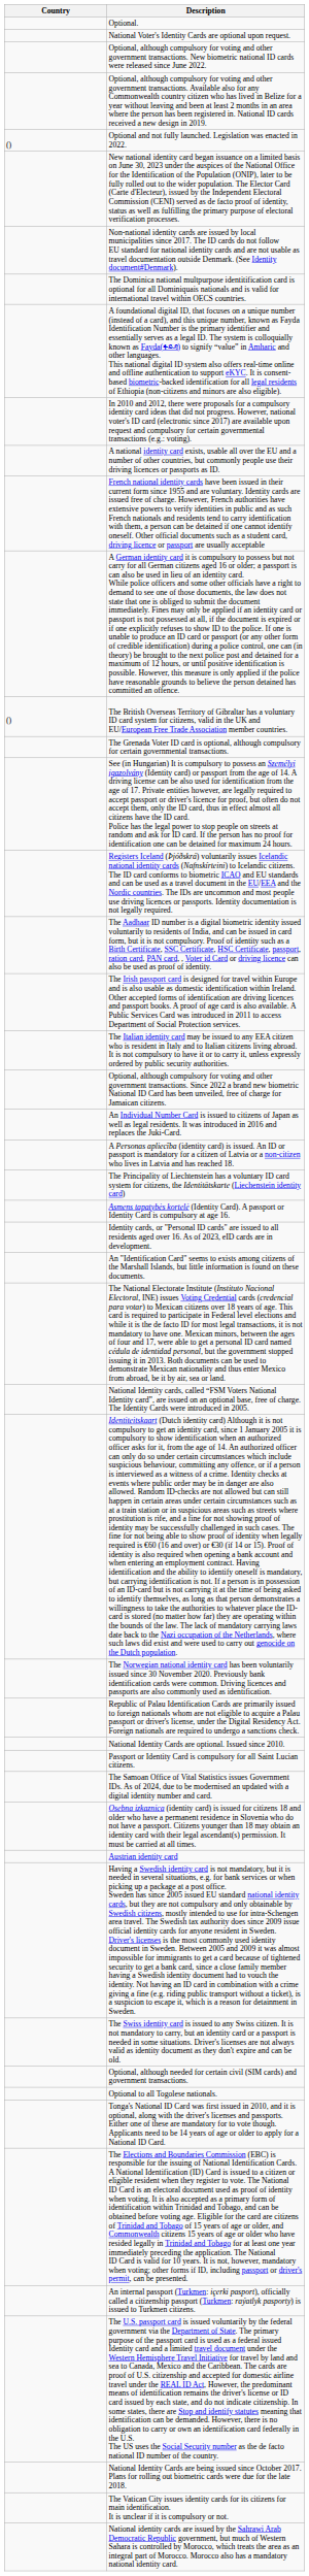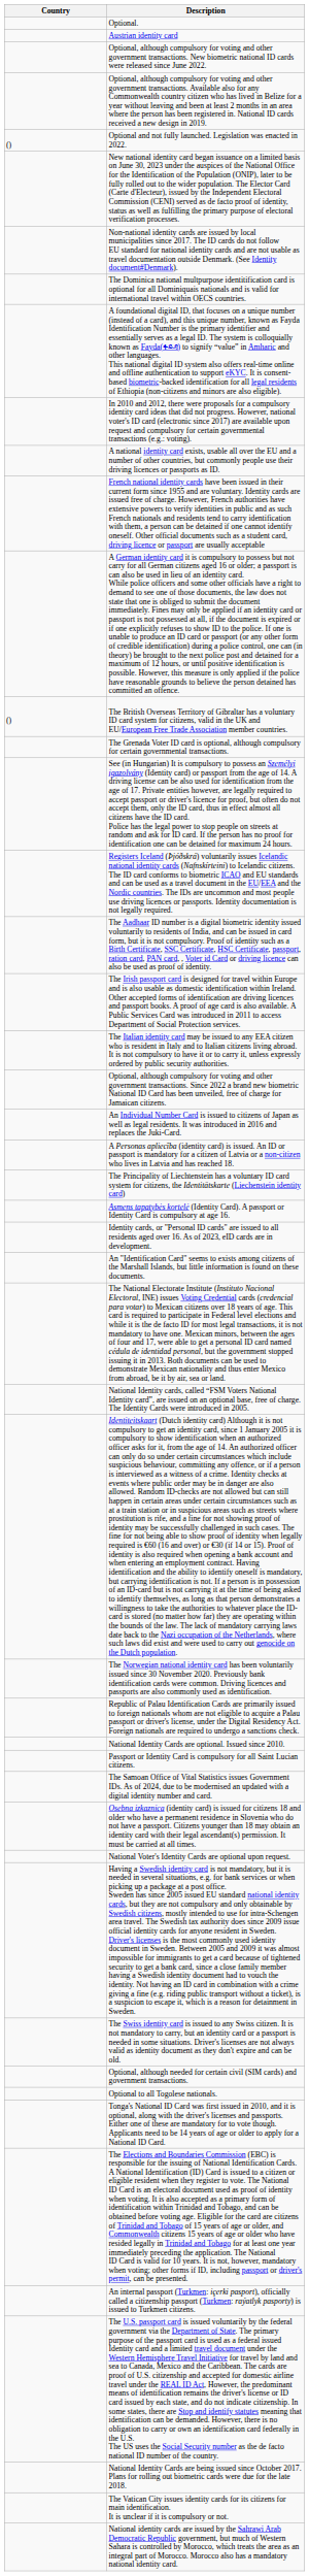 <table class="sortable wikitable">
 <tr>
 <th width=200>Country</th>
 <th class=unsortable>Description</th>
 </tr>
 <tr>
 <td></td>
 <td>Optional.</td>
 </tr>
 <tr>
 <td></td>
-<td>National Voter's Identity Cards are optional upon request.</td>
+<td><a href='#'>Austrian identity card</a></td>
 </tr>
 <tr>
 <td></td>
 <td>Optional, although compulsory for voting and other government transactions. New biometric national ID cards were released since June 2022.</td>
 </tr>
 <tr>
 <td></td>
 <td>Optional, although compulsory for voting and other government transactions. Available also for any Commonwealth country citizen who has lived in Belize for a year without leaving and been at least 2 months in an area where the person has been registered in. National ID cards received a new design in 2019.</td>
 </tr>
 <tr>
 <td><br>()</td>
 <td>Optional and not fully launched. Legislation was enacted in 2022.</td>
 </tr>
 <tr>
 <td></td>
 <td>New national identity card began issuance on a limited basis on June 30, 2023 under the auspices of the National Office for the Identification of the Population (ONIP), later to be fully rolled out to the wider population.  The Elector Card (Carte d'Electeur), issued by the Independent Electoral Commission (CENI) served as de facto proof of identity, status as well as fulfilling the primary purpose of electoral verification processes.</td>
 </tr>
 <tr>
 <td></td>
 <td>Non-national identity cards are issued by local municipalities since 2017. The ID cards do not follow EU standard for national identity cards and are not usable as travel documentation outside Denmark. (See <a href='#'>Identity document#Denmark</a>).</td>
 </tr>
 <tr>
 <td></td>
 <td>The Dominica national multpurpose identitification card is optional for all Dominiquais nationals and is valid for international travel within OECS countries.</td>
 </tr>
 <tr>
 <td></td>
 <td>A foundational digital ID, that focuses on a unique number (instead of a card), and this unique number, known as Fayda Identification Number is the primary identifier and essentially serves as a legal ID. The system is colloquially known as <a href='#'>Fayda(ፋይዳ)</a> to signify “value” in <a href='#'>Amharic</a> and other languages.<br>This national digital ID system also offers real-time online and offline authentication to support <a href='#'>eKYC</a>. It is consent-based <a href='#'>biometric</a>-backed identification for all <a href='#'>legal residents</a> of Ethiopia (non-citizens and minors are also eligible).</td>
 </tr>
 <tr>
 <td></td>
 <td>In 2010 and 2012, there were proposals for a compulsory identity card ideas that did not progress. However, national voter's ID card (electronic since 2017) are available upon request and compulsory for certain governmental transactions (e.g.: voting).</td>
 </tr>
 <tr>
 <td></td>
 <td>A national <a href='#'>identity card</a> exists, usable all over the EU and a number of other countries, but commonly people use their driving licences or passports as ID.</td>
 </tr>
 <tr>
 <td></td>
 <td><a href='#'>French national identity cards</a> have been issued in their current form since 1955 and are voluntary. Identity cards are issued free of charge. However, French authorities have extensive powers to verify identities in public and as such French nationals and residents tend to carry identification with them, a person can be detained if one cannot identify oneself. Other official documents such as a student card, <a href='#'>driving licence</a> or <a href='#'>passport</a> are usually acceptable</td>
 </tr>
 <tr>
 <td></td>
 <td>A <a href='#'>German identity card</a> it is compulsory to possess but not carry for all German citizens aged 16 or older; a passport is can also be used in lieu of an identity card.<br>While police officers and some other officials have a right to demand to see one of those documents, the law does not state that one is obliged to submit the document immediately. Fines may only be applied if an identity card or passport is not possessed at all, if the document is expired or if one explicitly refuses to show ID to the police. If one is unable to produce an ID card or passport (or any other form of credible identification) during a police control, one can (in theory) be brought to the next police post and detained for a maximum of 12 hours, or until positive identification is possible. However, this measure is only applied if the police have reasonable grounds to believe the person detained has committed an offence.</td>
 </tr>
 <tr>
 <td><br>()</td>
 <td><br>The British Overseas Territory of Gibraltar has a voluntary ID card system for citizens, valid in the UK and EU/<a href='#'>European Free Trade Association</a> member countries.</td>
 </tr>
 <tr>
 <td></td>
 <td>The Grenada Voter ID card is optional, although compulsory for certain governmental transactions.</td>
 </tr>
 <tr>
 <td></td>
 <td>See (in Hungarian) It is compulsory to possess an <a href='#'><em>Személyi igazolvány</em></a> (Identity card) or passport from the age of 14. A driving license can be also used for identification from the age of 17. Private entities however, are legally required to accept passport or driver's licence for proof, but often do not accept them, only the ID card, thus in effect almost all citizens have the ID card.<br>Police has the legal power to stop people on streets at random and ask for ID card. If the person has no proof for identification one can be detained for maximum 24 hours.</td>
 </tr>
 <tr>
 <td></td>
 <td><a href='#'>Registers Iceland</a> (<em>Þjóðskrá</em>) voluntarily issues <a href='#'>Icelandic national identity cards</a> (<em>Nafnskírteini</em>) to Icelandic citizens. The ID card conforms to biometric <a href='#'>ICAO</a> and EU standards and can be used as a travel document in the <a href='#'>EU</a>/<a href='#'>EEA</a> and the <a href='#'>Nordic countries</a>. The IDs are uncommon and most people use driving licences or passports. Identity documentation is not legally required.</td>
 </tr>
 <tr>
 <td></td>
 <td>The <a href='#'>Aadhaar</a>  ID  number is a digital biometric identity issued voluntarily to residents of India, and can be issued in card form, but it is not compulsory. Proof of identity such as a <a href='#'>Birth Certificate</a>, <a href='#'>SSC Certificate</a>, <a href='#'>HSC Certificate</a>, <a href='#'>passport</a>, <a href='#'>ration card</a>, <a href='#'>PAN card</a>, , <a href='#'>Voter id Card</a> or <a href='#'>driving licence</a> can also be used as proof of identity.</td>
 </tr>
 <tr>
 <td></td>
 <td>The <a href='#'>Irish passport card</a> is designed for travel within Europe and is also usable as domestic identification within Ireland. Other accepted forms of identification are driving licences and passport books. A proof of age card is also available. A Public Services Card was introduced in 2011 to access Department of Social Protection services.</td>
 </tr>
 <tr>
 <td></td>
 <td>The <a href='#'>Italian identity card</a> may be issued to any EEA citizen who is resident in Italy and to Italian citizens living abroad. It is not compulsory to have it or to carry it, unless expressly ordered by public security authorities.</td>
 </tr>
 <tr>
 <td></td>
 <td>Optional, although compulsory for voting and other government transactions. Since 2022 a brand new biometric National ID Card has been unveiled, free of charge for Jamaican citizens.</td>
 </tr>
 <tr>
 <td></td>
 <td>An <a href='#'>Individual Number Card</a> is issued to citizens of Japan as well as legal residents. It was introduced in 2016 and replaces the Juki-Card.</td>
 </tr>
 <tr>
 <td></td>
 <td>A <em>Personas apliecība</em> (identity card) is issued. An ID or passport is mandatory for a citizen of Latvia or a <a href='#'>non-citizen</a> who lives in Latvia and has reached 18.</td>
 </tr>
 <tr>
 <td></td>
 <td>The Principality of Liechtenstein has a voluntary ID card system for citizens, the <em>Identitätskarte</em> (<a href='#'>Liechenstein identity card</a>)</td>
 </tr>
 <tr>
 <td></td>
 <td><a href='#'><em>Asmens tapatybės kortelė</em></a> (Identity Card). A passport or Identity Card is compulsory at age 16.</td>
 </tr>
 <tr>
 <td></td>
 <td>Identity cards, or "Personal ID cards" are issued to all residents aged over 16. As of 2023, eID cards are in development.</td>
 </tr>
 <tr>
 <td></td>
 <td>An "Identification Card" seems to exists among citizens of the Marshall Islands, but little information is found on these documents.</td>
 </tr>
 <tr>
 <td></td>
 <td>The National Electorate Institute (<em>Instituto Nacional Electoral</em>, INE) issues <a href='#'>Voting Credential</a> cards (<em>credencial para votar</em>) to Mexican citizens over 18 years of age. This card is required to participate in Federal level elections and while it is the de facto ID for most legal transactions, it is not mandatory to have one. Mexican minors, between the ages of four and 17, were able to get a personal ID card named <em>cédula de identidad personal</em>, but the government stopped issuing it in 2013. Both documents can be used to demonstrate Mexican nationality and thus enter Mexico from abroad, be it by air, sea or land.</td>
 </tr>
 <tr>
 <td></td>
 <td>National Identity cards, called “FSM Voters National Identity card”, are issued on an optional base, free of charge. The Identity Cards were introduced in 2005.</td>
 </tr>
 <tr>
 <td></td>
 <td><em><a href='#'>Identiteitskaart</a></em> (Dutch identity card) Although it is not compulsory to get an identity card, since 1 January 2005 it is compulsory to show identification when an authorized officer asks for it, from the age of 14. An authorized officer can only do so under certain circumstances which include suspicious behaviour, committing any offence, or if a person is interviewed as a witness of a crime. Identity checks at events where public order may be in danger are also allowed. Random ID-checks are not allowed but can still happen in certain areas under certain circumstances such as at a train station or in suspicious areas such as streets where prostitution is rife, and a fine for not showing proof of identity may be successfully challenged in such cases. The fine for not being able to show proof of identity when legally required is €60 (16 and over) or €30 (if 14 or 15). Proof of identity is also required when opening a bank account and when entering an employment contract. Having identification and the ability to identify oneself is mandatory, but carrying identification is not. If a person is in possession of an ID-card but is not carrying it at the time of being asked to identify themselves, as long as that person demonstrates a willingness to take the authorities to whatever place the ID-card is stored (no matter how far) they are operating within the bounds of the law. The lack of mandatory carrying laws date back to the <a href='#'>Nazi occupation of the Netherlands</a>, where such laws did exist and were used to carry out <a href='#'>genocide on the Dutch population</a>.</td>
 </tr>
 <tr>
 <td></td>
 <td>The <a href='#'>Norwegian national identity card</a> has been voluntarily issued since 30 November 2020. Previously bank identification cards were common. Driving licences and passports are also commonly used as identification.</td>
 </tr>
 <tr>
 <td></td>
 <td>Republic of Palau Identification Cards are primarily issued to foreign nationals whom are not eligible to acquire a Palau passport or driver's license, under the Digital Residency Act. Foreign nationals are required to undergo a sanctions check.</td>
 </tr>
 <tr>
 <td></td>
 <td>National Identity Cards are optional. Issued since 2010.</td>
 </tr>
 <tr>
 <td></td>
 <td>Passport or Identity Card is compulsory for all Saint Lucian citizens.</td>
 </tr>
 <tr>
 <td></td>
 <td>The Samoan Office of Vital Statistics issues Government IDs. As of 2024, due to be modernised an updated with a digital identity number and card.</td>
 </tr>
 <tr>
 <td></td>
 <td><a href='#'><em>Osebna izkaznica</em></a> (identity card) is issued for citizens 18 and older who have a permanent residence in Slovenia who do not have a passport. Citizens younger than 18 may obtain an identity card with their legal ascendant(s) permission. It must be carried at all times.</td>
 </tr>
 <tr>
 <td></td>
-<td><a href='#'>Austrian identity card</a></td>
+<td>National Voter's Identity Cards are optional upon request.</td>
 </tr>
 <tr>
 <td></td>
 <td>Having a <a href='#'>Swedish identity card</a> is not mandatory, but it is needed in several situations, e.g. for bank services or when picking up a package at a post office.<br>Sweden has since 2005 issued EU standard <a href='#'>national identity cards</a>, but they are not compulsory and only obtainable by <a href='#'>Swedish citizens</a>, mostly intended to use for intra-Schengen area travel. The Swedish tax authority does since 2009 issue official identity cards for anyone resident in Sweden. <a href='#'>Driver's licenses</a> is the most commonly used identity document in Sweden. Between 2005 and 2009 it was almost impossible for immigrants to get a card because of tightened security to get a bank card, since a close family member having a Swedish identity document had to vouch the identity. Not having an ID card in combination with a crime giving a fine (e.g. riding public transport without a ticket), is a suspicion to escape it, which is a reason for detainment in Sweden.</td>
 </tr>
 <tr>
 <td></td>
 <td>The <a href='#'>Swiss identity card</a> is issued to any Swiss citizen. It is not mandatory to carry, but an identity card or a passport is needed in some situations. Driver's licenses are not always valid as identity document as they don't expire and can be old.</td>
 </tr>
 <tr>
 <td></td>
 <td>Optional, although needed for certain civil (SIM cards) and government transactions.</td>
 </tr>
 <tr>
 <td></td>
 <td>Optional to all Togolese nationals.</td>
 </tr>
 <tr>
 <td></td>
 <td>Tonga's National ID Card was first issued in 2010, and it is optional, along with the driver's licenses and passports. Either one of these are mandatory for to vote though. Applicants need to be 14 years of age or older to apply for a National ID Card.</td>
 </tr>
 <tr>
 <td></td>
 <td>The <a href='#'>Elections and Boundaries Commission</a> (EBC) is responsible for the issuing of National Identification Cards. A National Identification (ID) Card is issued to a citizen or eligible resident when they register to vote. The National ID Card is an electoral document used as proof of identity when voting. It is also accepted as a primary form of identification within Trinidad and Tobago, and can be obtained before voting age. Eligible for the card are citizens of <a href='#'>Trinidad and Tobago</a> of 15 years of age or older, and <a href='#'>Commonwealth</a> citizens 15 years of age or older who have resided legally in <a href='#'>Trinidad and Tobago</a> for at least one year immediately preceding the application. The National ID Card is valid for 10 years. It is not, however, mandatory when voting; other forms if ID, including <a href='#'>passport</a> or <a href='#'>driver's permit</a>, can be presented.</td>
 </tr>
 <tr>
 <td></td>
 <td>An internal passport (<a href='#'>Turkmen</a>: <em>içerki pasport</em>), officially called a citizenship passport (<a href='#'>Turkmen</a>: <em>raýatlyk pasporty</em>) is issued to Turkmen citizens.</td>
 </tr>
 <tr>
 <td></td>
 <td>The <a href='#'>U.S. passport card</a> is issued voluntarily by the federal government via the <a href='#'>Department of State</a>. The primary purpose of the passport card is used as a federal issued Identity card and a limited <a href='#'>travel document</a> under the <a href='#'>Western Hemisphere Travel Initiative</a> for travel by land and sea to Canada, Mexico and the Caribbean. The cards are proof of U.S. citizenship and accepted for domestic airline travel under the <a href='#'>REAL ID Act</a>, However, the predominant means of identification remains the driver's license or ID card issued by each state, and do not indicate citizenship. In some states, there are <a href='#'>Stop and identify statutes</a> meaning that identification can be demanded. However, there is no obligation to carry or own an identification card federally in the U.S.<br>The US uses the <a href='#'>Social Security number</a> as the de facto national ID number of the country.</td>
 </tr>
 <tr>
 <td></td>
 <td>National Identity Cards are being issued since October 2017. Plans for rolling out biometric cards were due for the late 2018.</td>
 </tr>
 <tr>
 <td></td>
 <td>The Vatican City issues identity cards for its citizens for main identification.<br>It is unclear if it is compulsory or not.</td>
 </tr>
 <tr>
 <td></td>
 <td>National identity cards are issued by the <a href='#'>Sahrawi Arab Democratic Republic</a> government, but much of Western Sahara is controlled by Morocco, which treats the area as an integral part of Morocco. Morocco also has a mandatory national identity card.</td>
 </tr>
 </table>
